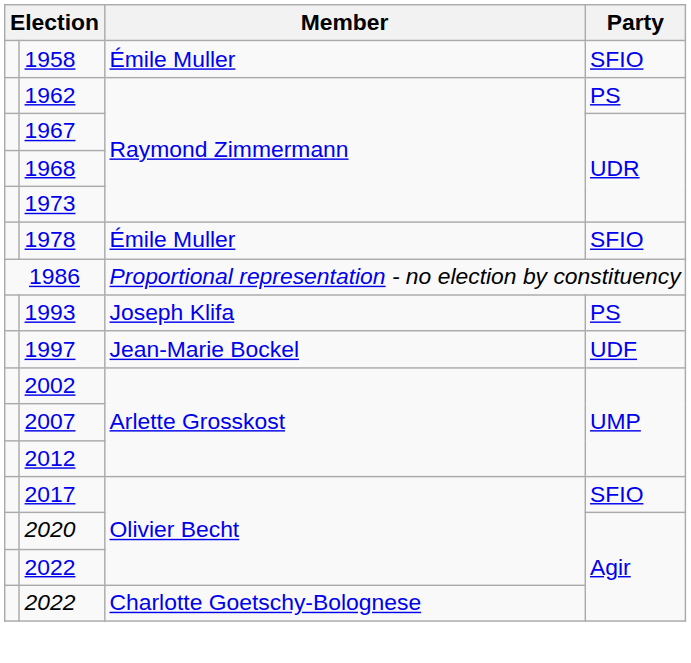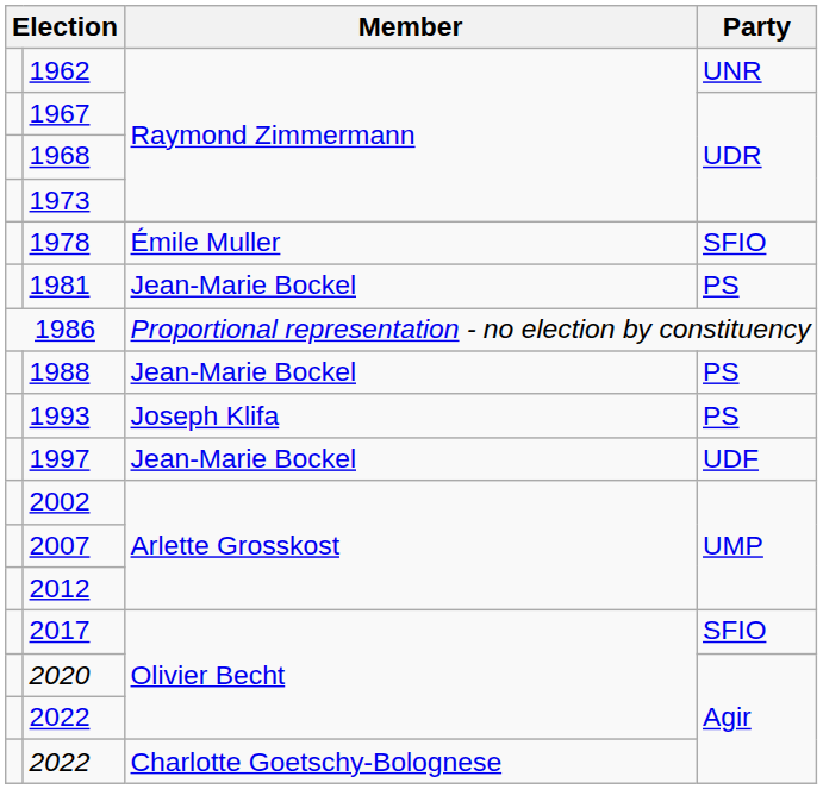 <table class="wikitable">
 <tr>
 <th colspan="2">Election</th>
 <th>Member</th>
 <th>Party</th>
 </tr>
 <tr>
 <td style="background-color: "></td>
-<td><a href='#'>1958</a></td>
-<td><a href='#'>Émile Muller</a></td>
-<td><a href='#'>SFIO</a></td>
-</tr>
-<tr>
-<td style="background-color: "></td>
 <td><a href='#'>1962</a></td>
 <td rowspan="4"><a href='#'>Raymond Zimmermann</a></td>
-<td><a href='#'>PS</a></td>
+<td><a href='#'>UNR</a></td>
 </tr>
 <tr>
 <td style="background-color: "></td>
 <td><a href='#'>1967</a></td>
 <td rowspan="3"><a href='#'>UDR</a></td>
 </tr>
 <tr>
 <td style="background-color: "></td>
 <td><a href='#'>1968</a></td>
 </tr>
 <tr>
 <td style="background-color: "></td>
 <td><a href='#'>1973</a></td>
 </tr>
 <tr>
 <td style="background-color: "></td>
 <td><a href='#'>1978</a></td>
 <td><a href='#'>Émile Muller</a></td>
 <td><a href='#'>SFIO</a></td>
 </tr>
 <tr>
+<td style="background-color: "></td>
+<td><a href='#'>1981</a></td>
+<td><a href='#'>Jean-Marie Bockel</a></td>
+<td><a href='#'>PS</a></td>
+</tr>
+<tr>
 <td colspan="2" align="center"><a href='#'>1986</a></td>
 <td colspan="2"><em><a href='#'>Proportional representation</a> - no election by constituency</em></td>
+</tr>
+<tr>
+<td style="background-color: "></td>
+<td><a href='#'>1988</a></td>
+<td><a href='#'>Jean-Marie Bockel</a></td>
+<td><a href='#'>PS</a></td>
 </tr>
 <tr>
 <td style="background-color: "></td>
 <td><a href='#'>1993</a></td>
 <td><a href='#'>Joseph Klifa</a></td>
 <td><a href='#'>PS</a></td>
 </tr>
 <tr>
 <td style="background-color: "></td>
 <td><a href='#'>1997</a></td>
 <td><a href='#'>Jean-Marie Bockel</a></td>
 <td><a href='#'>UDF</a></td>
 </tr>
 <tr>
 <td style="background-color: "></td>
 <td><a href='#'>2002</a></td>
 <td rowspan="3"><a href='#'>Arlette Grosskost</a></td>
 <td rowspan="3"><a href='#'>UMP</a></td>
 </tr>
 <tr>
 <td style="background-color: "></td>
 <td><a href='#'>2007</a></td>
 </tr>
 <tr>
 <td style="background-color: "></td>
 <td><a href='#'>2012</a></td>
 </tr>
 <tr>
 <td style="background-color: "></td>
 <td><a href='#'>2017</a></td>
 <td rowspan="3"><a href='#'>Olivier Becht</a></td>
 <td><a href='#'>SFIO</a></td>
 </tr>
 <tr>
 <td style="background-color: "></td>
 <td><em>2020</em></td>
 <td rowspan="3"><a href='#'>Agir</a></td>
 </tr>
 <tr>
 <td style="background-color: "></td>
 <td><a href='#'>2022</a></td>
 </tr>
 <tr>
 <td style="background-color: "></td>
 <td><em>2022</em></td>
 <td><a href='#'>Charlotte Goetschy-Bolognese</a></td>
 </tr>
 </table>
